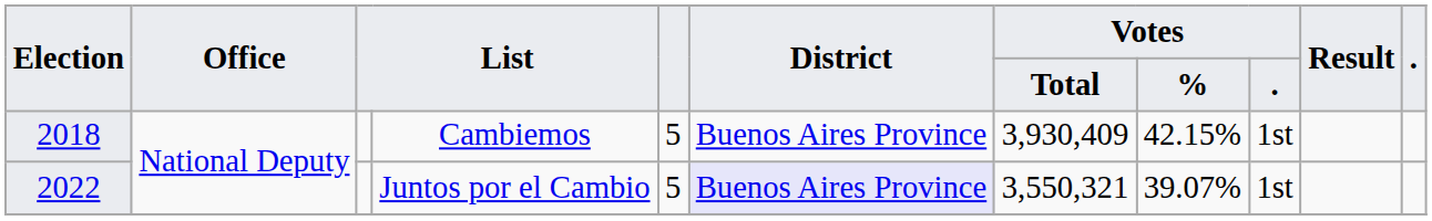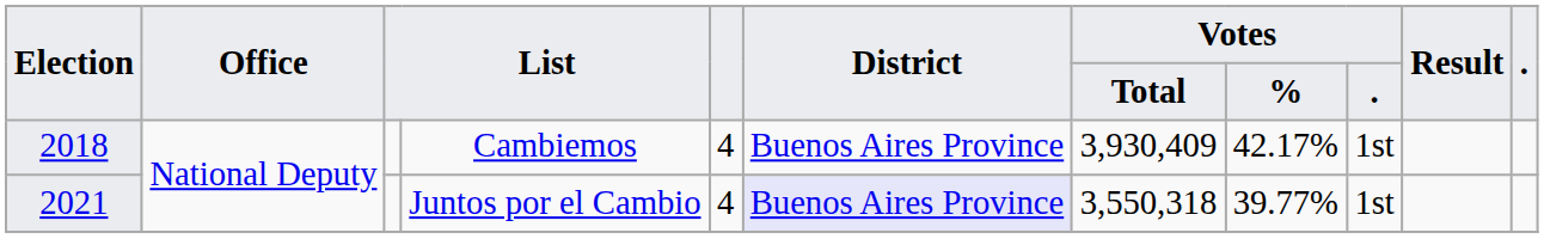 <table class="wikitable" style="font-size:90%; text-align:center;">
 <tr>
 <th style="background-color:#EAECF0;" rowspan=2>Election</th>
 <th style="background-color:#EAECF0;" rowspan=2>Office</th>
 <th style="background-color:#EAECF0;" colspan=2 rowspan=2>List</th>
 <th style="background-color:#EAECF0;" rowspan=2></th>
 <th style="background-color:#EAECF0;" rowspan=2>District</th>
 <th style="background-color:#EAECF0;" colspan=3>Votes</th>
 <th style="background-color:#EAECF0;" rowspan=2>Result</th>
 <th style="background-color:#EAECF0;" rowspan=2>.</th>
 </tr>
 <tr>
 <th style="background-color:#EAECF0;">Total</th>
 <th style="background-color:#EAECF0;">%</th>
 <th style="background-color:#EAECF0;">.</th>
 </tr>
 <tr>
 <td style="background-color:#EAECF0;"><a href='#'>2018</a></td>
 <td rowspan=2><a href='#'>National Deputy</a></td>
 <td style="background-color:"></td>
 <td><a href='#'>Cambiemos</a></td>
-<td>5</td>
+<td>4</td>
 <td><a href='#'>Buenos Aires Province</a></td>
 <td>3,930,409</td>
-<td>42.15%</td>
+<td>42.17%</td>
 <td>1st</td>
 <td></td>
 <td></td>
 </tr>
 <tr>
-<td style="background-color:#EAECF0;"><a href='#'>2022</a></td>
+<td style="background-color:#EAECF0;"><a href='#'>2021</a></td>
 <td style="background-color:"></td>
 <td><a href='#'>Juntos por el Cambio</a></td>
-<td>5</td>
+<td>4</td>
 <td style="background: lavender;"><a href='#'>Buenos Aires Province</a></td>
-<td>3,550,321</td>
-<td>39.07%</td>
+<td>3,550,318</td>
+<td>39.77%</td>
 <td>1st</td>
 <td></td>
 <td></td>
 </tr>
 <tr>
 </tr>
 </table>
